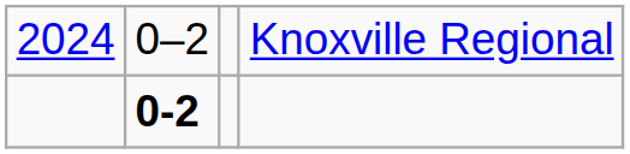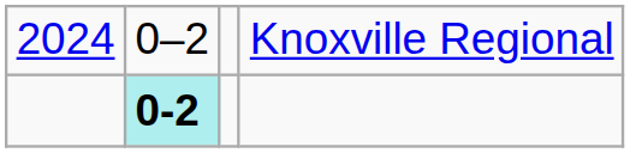 <table class="wikitable">
 <tr>
 <td><a href='#'>2024</a></td>
 <td>0–2</td>
 <td></td>
 <td><a href='#'>Knoxville Regional</a></td>
 </tr>
 <tr>
 <td></td>
-<td><strong>0-2</strong></td>
+<td style="background: paleturquoise;"><strong>0-2</strong></td>
 <td><strong></strong></td>
 <td></td>
 </tr>
 </table>
